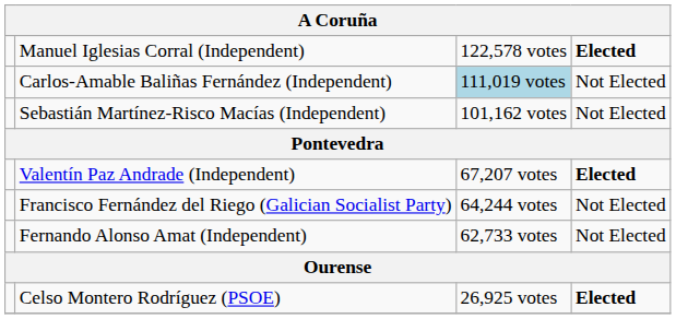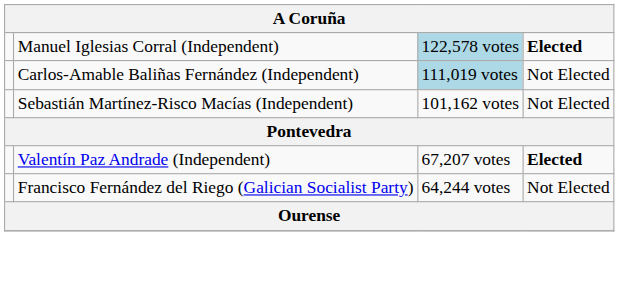 <table class="wikitable" style="text-align:left; font-size:97%;">
 <tr>
 <th colspan="4">A Coruña</th>
 </tr>
 <tr>
 <td width="1"></td>
 <td>Manuel Iglesias Corral (Independent)</td>
-<td>122,578 votes</td>
+<td style="background: lightblue;">122,578 votes</td>
 <td><strong>Elected</strong></td>
 </tr>
 <tr>
 <td></td>
 <td>Carlos-Amable Baliñas Fernández (Independent)</td>
 <td style="background: lightblue;">111,019 votes</td>
 <td>Not Elected</td>
 </tr>
 <tr>
 <td></td>
 <td>Sebastián Martínez-Risco Macías (Independent)</td>
 <td>101,162 votes</td>
 <td>Not Elected</td>
 </tr>
 <tr>
 <th colspan="4">Pontevedra</th>
 </tr>
 <tr>
 <td width="1"></td>
 <td><a href='#'>Valentín Paz Andrade</a> (Independent)</td>
 <td>67,207 votes</td>
 <td><strong>Elected</strong></td>
 </tr>
 <tr>
 <td></td>
 <td>Francisco Fernández del Riego (<a href='#'>Galician Socialist Party</a>)</td>
 <td>64,244 votes</td>
 <td>Not Elected</td>
 </tr>
 <tr>
-<td></td>
-<td>Fernando Alonso Amat (Independent)</td>
-<td>62,733 votes</td>
-<td>Not Elected</td>
-</tr>
-<tr>
 <th colspan="4">Ourense</th>
-</tr>
-<tr>
-<td width="1"></td>
-<td>Celso Montero Rodríguez (<a href='#'>PSOE</a>)</td>
-<td>26,925 votes</td>
-<td><strong>Elected</strong></td>
 </tr>
 <tr>
 </tr>
 </table>
